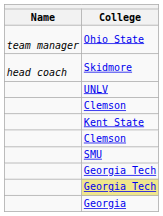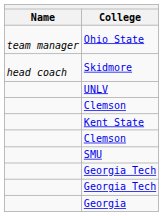 <table class="wikitable sortable">
 <tr>
 <th colspan=2></th>
 </tr>
 <tr>
 <th>Name</th>
 <th>College</th>
 </tr>
 <tr>
 <td><br><em>team manager</em></td>
 <td><a href='#'>Ohio State</a></td>
 </tr>
 <tr>
 <td><br><em>head coach</em></td>
 <td><a href='#'>Skidmore</a></td>
 </tr>
 <tr>
 <td></td>
 <td><a href='#'>UNLV</a></td>
 </tr>
 <tr>
 <td></td>
 <td><a href='#'>Clemson</a></td>
 </tr>
 <tr>
 <td></td>
 <td><a href='#'>Kent State</a></td>
 </tr>
 <tr>
 <td></td>
 <td><a href='#'>Clemson</a></td>
 </tr>
 <tr>
 <td></td>
 <td><a href='#'>SMU</a></td>
 </tr>
 <tr>
 <td></td>
 <td><a href='#'>Georgia Tech</a></td>
 </tr>
 <tr>
 <td></td>
-<td style="background: khaki;"><a href='#'>Georgia Tech</a></td>
+<td><a href='#'>Georgia Tech</a></td>
 </tr>
 <tr>
 <td></td>
 <td><a href='#'>Georgia</a></td>
 </tr>
 </table>
